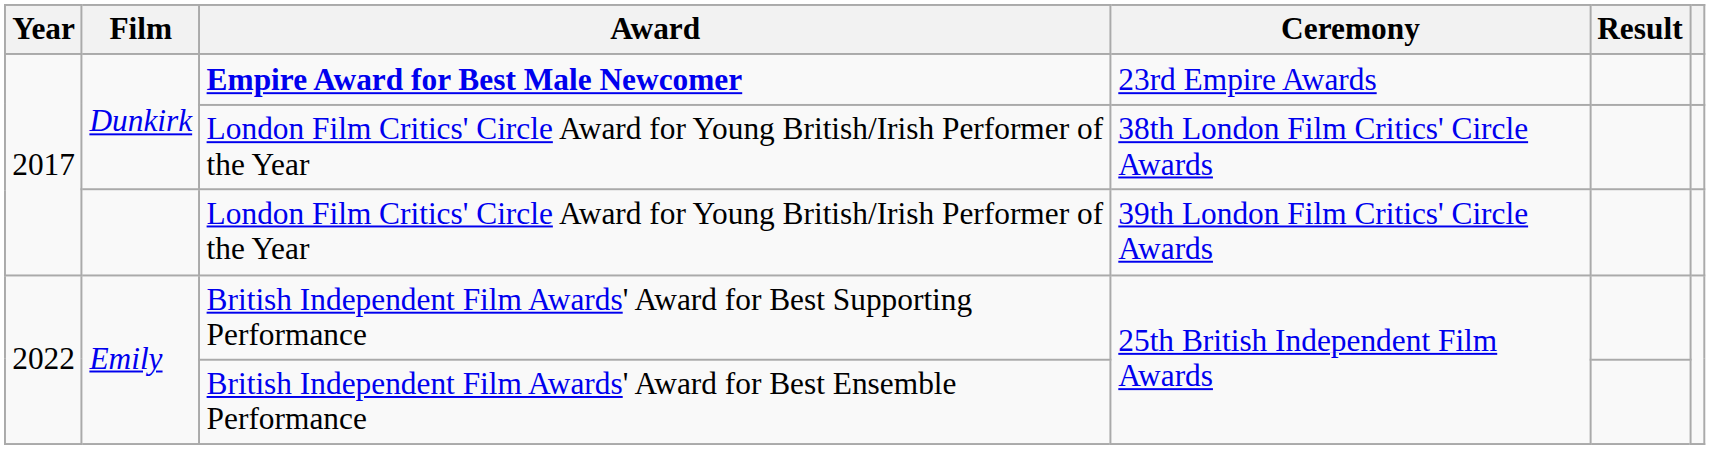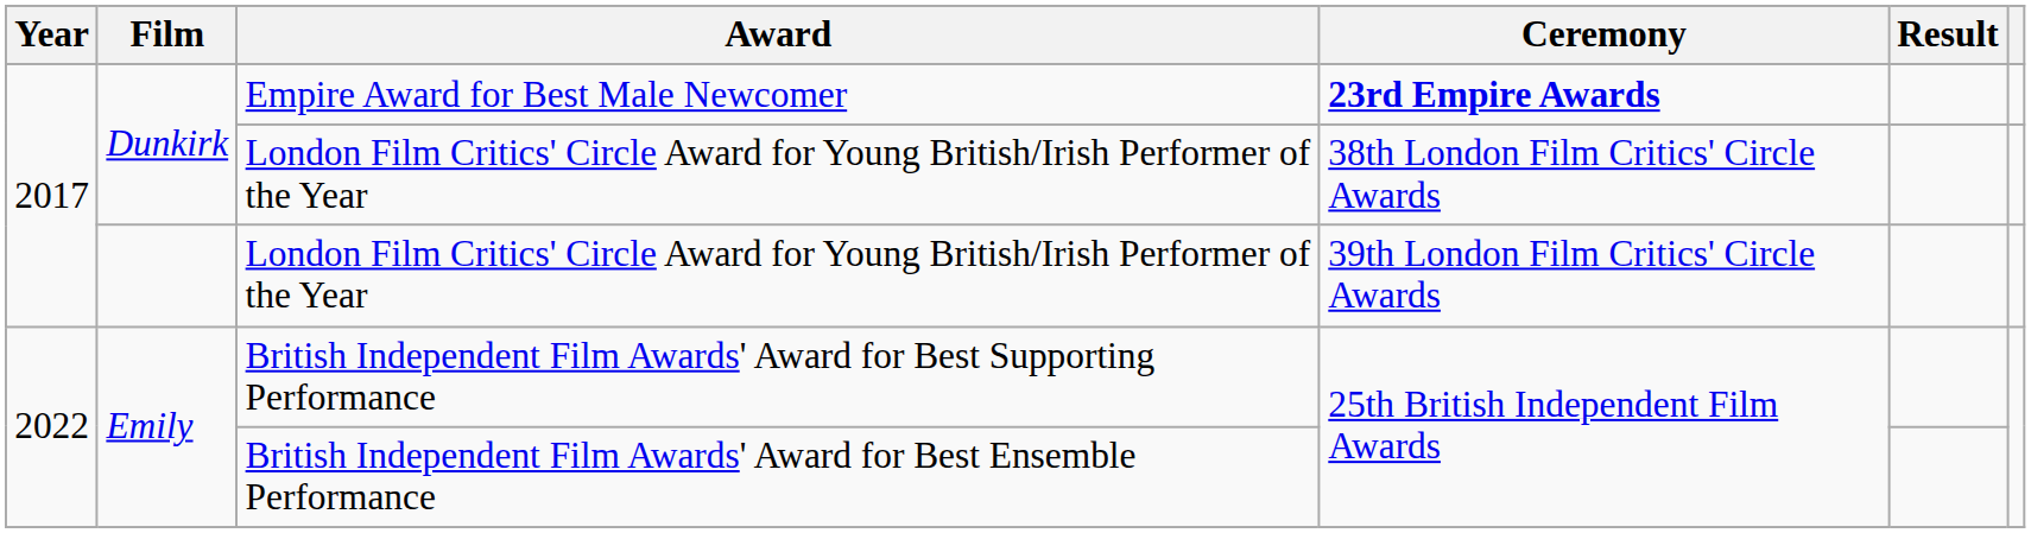 <table class="wikitable sortable">
 <tr>
 <th>Year</th>
 <th>Film</th>
 <th>Award</th>
 <th>Ceremony</th>
 <th>Result</th>
 <th class="unsortable"></th>
 </tr>
 <tr>
 <td rowspan="3">2017</td>
 <td rowspan="2"><em><a href='#'>Dunkirk</a></em></td>
-<td><strong><a href='#'>Empire Award for Best Male Newcomer</a></strong></td>
-<td><a href='#'>23rd Empire Awards</a></td>
+<td><a href='#'>Empire Award for Best Male Newcomer</a></td>
+<td><strong><a href='#'>23rd Empire Awards</a></strong></td>
 <td></td>
 <td style="text-align:center;"></td>
 </tr>
 <tr>
 <td><a href='#'>London Film Critics' Circle</a> Award for Young British/Irish Performer of the Year</td>
 <td><a href='#'>38th London Film Critics' Circle Awards</a></td>
 <td></td>
 <td style="text-align:center;"></td>
 </tr>
 <tr>
 <td><em></em></td>
 <td><a href='#'>London Film Critics' Circle</a> Award for Young British/Irish Performer of the Year</td>
 <td><a href='#'>39th London Film Critics' Circle Awards</a></td>
 <td></td>
 <td style="text-align:center;"></td>
 </tr>
 <tr>
 <td rowspan="2">2022</td>
 <td rowspan="2"><em><a href='#'>Emily</a></em></td>
 <td><a href='#'>British Independent Film Awards</a>' Award for Best Supporting Performance</td>
 <td rowspan="2"><a href='#'>25th British Independent Film Awards</a></td>
 <td></td>
 <td rowspan="2" style="text-align:center;"></td>
 </tr>
 <tr>
 <td><a href='#'>British Independent Film Awards</a>' Award for Best Ensemble Performance</td>
 <td></td>
 </tr>
 </table>
